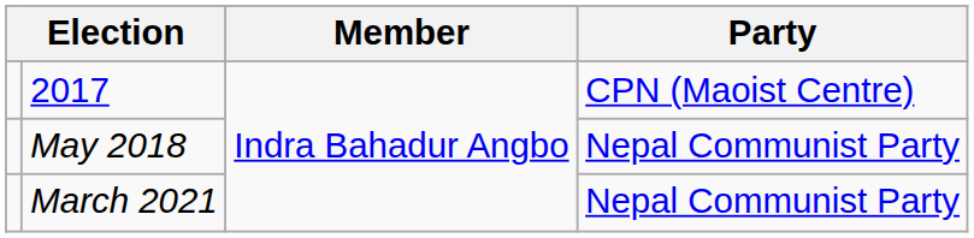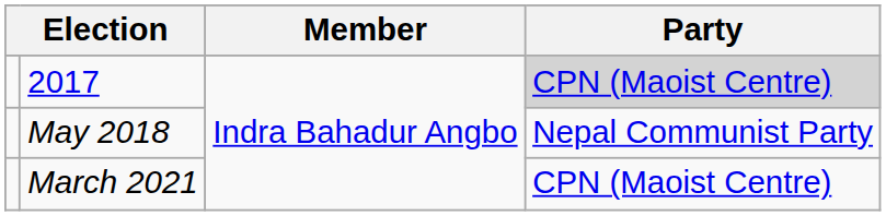 <table class="wikitable">
 <tr>
 <th colspan="2">Election</th>
 <th>Member</th>
 <th>Party</th>
 </tr>
 <tr>
 <td style="background-color:"></td>
 <td><a href='#'>2017</a></td>
 <td rowspan="3"><a href='#'>Indra Bahadur Angbo</a></td>
-<td><a href='#'>CPN (Maoist Centre)</a></td>
+<td style="background: lightgrey;"><a href='#'>CPN (Maoist Centre)</a></td>
 </tr>
 <tr>
 <td style="background-color:"></td>
 <td><em>May 2018</em></td>
 <td><a href='#'>Nepal Communist Party</a></td>
 </tr>
 <tr>
 <td style="background-color:"></td>
 <td><em>March 2021</em></td>
-<td><a href='#'>Nepal Communist Party</a></td>
+<td><a href='#'>CPN (Maoist Centre)</a></td>
 </tr>
 </table>
